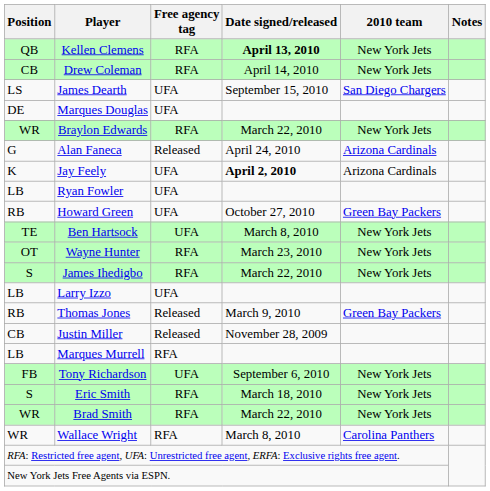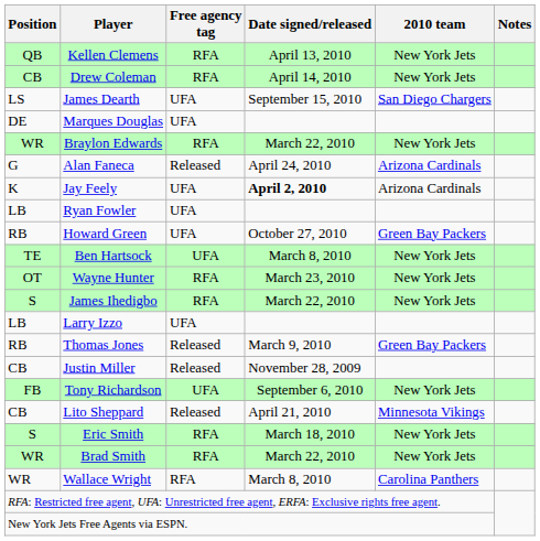 <table class="wikitable">
 <tr>
 <th>Position</th>
 <th>Player</th>
 <th>Free agency<br>tag</th>
 <th>Date signed/released</th>
 <th>2010 team</th>
 <th>Notes</th>
 </tr>
 <tr style="background:#bfb; text-align:center;">
 <td>QB</td>
 <td><a href='#'>Kellen Clemens</a></td>
 <td>RFA</td>
-<td><strong>April 13, 2010</strong></td>
+<td>April 13, 2010</td>
 <td>New York Jets</td>
 <td></td>
 </tr>
 <tr style="background:#bfb; text-align:center;">
 <td>CB</td>
 <td><a href='#'>Drew Coleman</a></td>
 <td>RFA</td>
 <td>April 14, 2010</td>
 <td>New York Jets</td>
 <td></td>
 </tr>
 <tr style=style="text-align:center;">
 <td>LS</td>
 <td><a href='#'>James Dearth</a></td>
 <td>UFA</td>
 <td>September 15, 2010</td>
 <td><a href='#'>San Diego Chargers</a></td>
 <td></td>
 </tr>
 <tr style=style="text-align:center;">
 <td>DE</td>
 <td><a href='#'>Marques Douglas</a></td>
 <td>UFA</td>
 <td></td>
 <td></td>
 </tr>
 <tr style="background:#bfb; text-align:center;">
 <td>WR</td>
 <td><a href='#'>Braylon Edwards</a></td>
 <td>RFA</td>
 <td>March 22, 2010</td>
 <td>New York Jets</td>
 <td></td>
 </tr>
 <tr style=style="text-align:center;">
 <td>G</td>
 <td><a href='#'>Alan Faneca</a></td>
 <td>Released</td>
 <td>April 24, 2010</td>
 <td><a href='#'>Arizona Cardinals</a></td>
 <td></td>
 </tr>
 <tr style=style="text-align:center;">
 <td>K</td>
 <td><a href='#'>Jay Feely</a></td>
 <td>UFA</td>
 <td><strong>April 2, 2010</strong></td>
 <td>Arizona Cardinals</td>
 <td></td>
 </tr>
 <tr style=style="text-align:center;">
 <td>LB</td>
 <td><a href='#'>Ryan Fowler</a></td>
 <td>UFA</td>
 <td></td>
 <td></td>
 <td></td>
 </tr>
 <tr style=style="text-align:center;">
 <td>RB</td>
 <td><a href='#'>Howard Green</a></td>
 <td>UFA</td>
 <td>October 27, 2010</td>
 <td><a href='#'>Green Bay Packers</a></td>
 <td></td>
 </tr>
 <tr style="background:#bfb; text-align:center;">
 <td>TE</td>
 <td><a href='#'>Ben Hartsock</a></td>
 <td>UFA</td>
 <td>March 8, 2010</td>
 <td>New York Jets</td>
 <td></td>
 </tr>
 <tr style="background:#bfb; text-align:center;">
 <td>OT</td>
 <td><a href='#'>Wayne Hunter</a></td>
 <td>RFA</td>
 <td>March 23, 2010</td>
 <td>New York Jets</td>
 <td></td>
 </tr>
 <tr style="background:#bfb; text-align:center;">
 <td>S</td>
 <td><a href='#'>James Ihedigbo</a></td>
 <td>RFA</td>
 <td>March 22, 2010</td>
 <td>New York Jets</td>
 <td></td>
 </tr>
 <tr style=style="text-align:center;">
 <td>LB</td>
 <td><a href='#'>Larry Izzo</a></td>
 <td>UFA</td>
 <td></td>
 <td></td>
 <td></td>
 </tr>
 <tr style=style="text-align:center;">
 <td>RB</td>
 <td><a href='#'>Thomas Jones</a></td>
 <td>Released</td>
 <td>March 9, 2010</td>
 <td><a href='#'>Green Bay Packers</a></td>
 <td></td>
 </tr>
 <tr style=style="text-align:center;">
 <td>CB</td>
 <td><a href='#'>Justin Miller</a></td>
 <td>Released</td>
 <td>November 28, 2009</td>
 <td></td>
 <td></td>
 </tr>
-<tr style=style="text-align:center;">
-<td>LB</td>
-<td><a href='#'>Marques Murrell</a></td>
-<td>RFA</td>
-<td></td>
-<td></td>
-<td></td>
-</tr>
 <tr style="background:#bfb; text-align:center;">
 <td>FB</td>
 <td><a href='#'>Tony Richardson</a></td>
 <td>UFA</td>
 <td>September 6, 2010</td>
 <td>New York Jets</td>
+<td></td>
+</tr>
+<tr style=style="text-align:center;">
+<td>CB</td>
+<td><a href='#'>Lito Sheppard</a></td>
+<td>Released</td>
+<td>April 21, 2010</td>
+<td><a href='#'>Minnesota Vikings</a></td>
 <td></td>
 </tr>
 <tr style="background:#bfb; text-align:center;">
 <td>S</td>
 <td><a href='#'>Eric Smith</a></td>
 <td>RFA</td>
 <td>March 18, 2010</td>
 <td>New York Jets</td>
 <td></td>
 </tr>
 <tr style="background:#bfb; text-align:center;">
 <td>WR</td>
 <td><a href='#'>Brad Smith</a></td>
 <td>RFA</td>
 <td>March 22, 2010</td>
 <td>New York Jets</td>
 <td></td>
 </tr>
 <tr style=style="text-align:center;">
 <td>WR</td>
 <td><a href='#'>Wallace Wright</a></td>
 <td>RFA</td>
 <td>March 8, 2010</td>
 <td><a href='#'>Carolina Panthers</a></td>
 <td></td>
 </tr>
 <tr>
 <td colspan="5"><small><em>RFA</em>: <a href='#'>Restricted free agent</a>, <em>UFA</em>: <a href='#'>Unrestricted free agent</a>, <em>ERFA</em>: <a href='#'>Exclusive rights free agent</a>.</small></td>
 </tr>
 <tr>
 <td colspan="5"><small>New York Jets Free Agents via ESPN.</small></td>
 </tr>
 </table>
